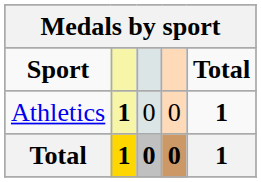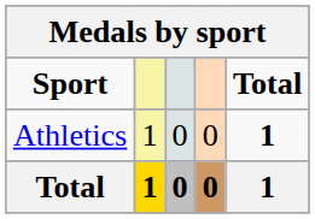 <table class=wikitable style="font-size:95%">
 <tr bgcolor=efefef>
 <th colspan=5>Medals by sport</th>
 </tr>
 <tr align=center>
 <td><strong>Sport</strong></td>
 <td style="background:#f7f6a8;"></td>
 <td style="background:#dce5e5;"></td>
 <td style="background:#ffdab9;"></td>
 <td><strong>Total</strong></td>
 </tr>
 <tr align=center>
 <td><a href='#'>Athletics</a></td>
-<td style="background:#F7F6A8;"><strong>1</strong></td>
+<td style="background:#F7F6A8;">1</td>
 <td style="background:#DCE5E5;">0</td>
 <td style="background:#FFDAB9;">0</td>
 <td><strong>1</strong></td>
 </tr>
 <tr align=center>
 <th>Total</th>
 <th style="background:gold;">1</th>
 <th style="background:silver;">0</th>
 <th style="background:#c96;">0</th>
 <th>1</th>
 </tr>
 </table>
